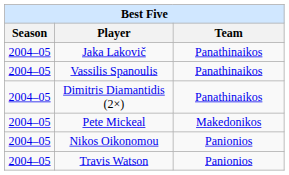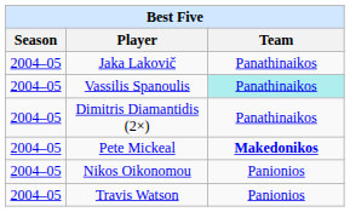 <table class="wikitable" style="text-align: center;" width="60%">
 <tr>
 <td colspan=4 bgcolor="#D0E7FF"><strong>Best Five</strong></td>
 </tr>
 <tr>
 <th width=5%>Season</th>
 <th width=25%>Player</th>
 <th width=20%>Team</th>
 </tr>
 <tr>
 <td><a href='#'>2004–05</a></td>
 <td align="center"> <a href='#'>Jaka Lakovič</a></td>
 <td><a href='#'>Panathinaikos</a></td>
 </tr>
 <tr>
 <td><a href='#'>2004–05</a></td>
 <td align="center"> <a href='#'>Vassilis Spanoulis</a></td>
-<td><a href='#'>Panathinaikos</a></td>
+<td style="background: paleturquoise;"><a href='#'>Panathinaikos</a></td>
 </tr>
 <tr>
 <td><a href='#'>2004–05</a></td>
 <td align="center"> <a href='#'>Dimitris Diamantidis</a> (2×)</td>
 <td><a href='#'>Panathinaikos</a></td>
 </tr>
 <tr>
 <td><a href='#'>2004–05</a></td>
 <td align="center"> <a href='#'>Pete Mickeal</a></td>
-<td><a href='#'>Makedonikos</a></td>
+<td><strong><a href='#'>Makedonikos</a></strong></td>
 </tr>
 <tr>
 <td><a href='#'>2004–05</a></td>
 <td align="center"> <a href='#'>Nikos Oikonomou</a></td>
 <td><a href='#'>Panionios</a></td>
 </tr>
 <tr>
 <td><a href='#'>2004–05</a></td>
 <td align="center"> <a href='#'>Travis Watson</a></td>
 <td><a href='#'>Panionios</a></td>
 </tr>
 </table>
